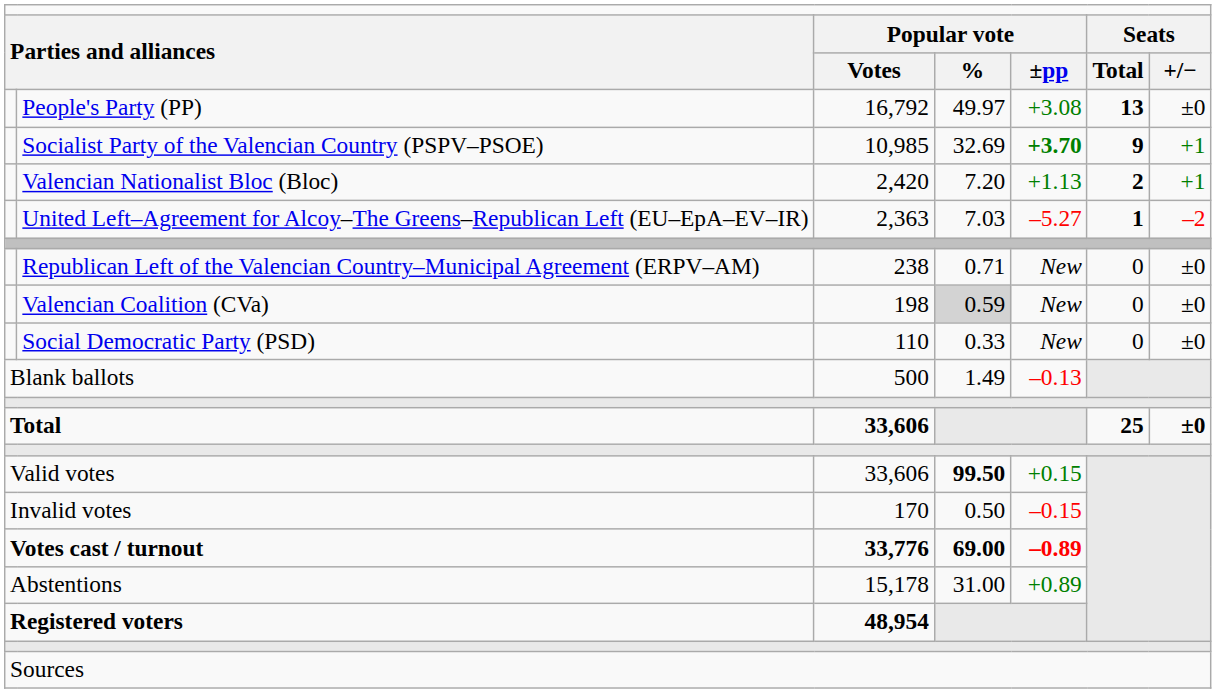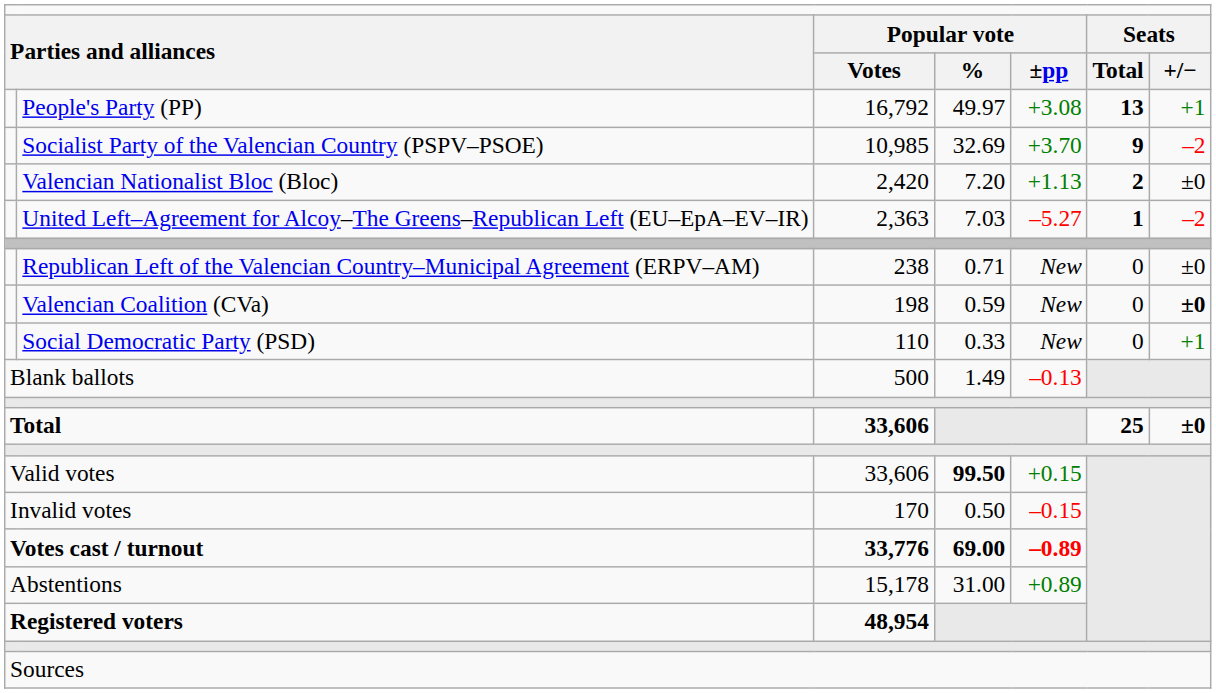 <table class="wikitable" style="text-align:right;">
 <tr>
 <td colspan="7"></td>
 </tr>
 <tr>
 <th style="text-align:left;" rowspan="2" colspan="2" width="525">Parties and alliances</th>
 <th colspan="3">Popular vote</th>
 <th colspan="2">Seats</th>
 </tr>
 <tr>
 <th width="75">Votes</th>
 <th width="45">%</th>
 <th width="45">±<a href='#'>pp</a></th>
 <th width="35">Total</th>
 <th width="35">+/−</th>
 </tr>
 <tr>
 <td width="1" style="color:inherit;background:"></td>
 <td align="left"><a href='#'>People's Party</a> (PP)</td>
 <td>16,792</td>
 <td>49.97</td>
 <td style="color:green;">+3.08</td>
 <td><strong>13</strong></td>
-<td>±0</td>
+<td style="color:green;">+1</td>
 </tr>
 <tr>
 <td style="color:inherit;background:"></td>
 <td align="left"><a href='#'>Socialist Party of the Valencian Country</a> (PSPV–PSOE)</td>
 <td>10,985</td>
 <td>32.69</td>
-<td style="color:green;"><strong>+3.70</strong></td>
+<td style="color:green;">+3.70</td>
 <td><strong>9</strong></td>
-<td style="color:green;">+1</td>
+<td style="color:red;">–2</td>
 </tr>
 <tr>
 <td style="color:inherit;background:"></td>
 <td align="left"><a href='#'>Valencian Nationalist Bloc</a> (Bloc)</td>
 <td>2,420</td>
 <td>7.20</td>
 <td style="color:green;">+1.13</td>
 <td><strong>2</strong></td>
-<td style="color:green;">+1</td>
+<td>±0</td>
 </tr>
 <tr>
 <td style="color:inherit;background:"></td>
 <td align="left"><a href='#'>United Left–Agreement for Alcoy</a>–<a href='#'>The Greens</a>–<a href='#'>Republican Left</a> (EU–EpA–EV–IR)</td>
 <td>2,363</td>
 <td>7.03</td>
 <td style="color:red;">–5.27</td>
 <td><strong>1</strong></td>
 <td style="color:red;">–2</td>
 </tr>
 <tr>
 <td colspan="7" bgcolor="#C0C0C0"></td>
 </tr>
 <tr>
 <td style="color:inherit;background:"></td>
 <td align="left"><a href='#'>Republican Left of the Valencian Country–Municipal Agreement</a> (ERPV–AM)</td>
 <td>238</td>
 <td>0.71</td>
 <td><em>New</em></td>
 <td>0</td>
 <td>±0</td>
 </tr>
 <tr>
 <td style="color:inherit;background:"></td>
 <td align="left"><a href='#'>Valencian Coalition</a> (CVa)</td>
 <td>198</td>
-<td style="background: lightgrey;">0.59</td>
+<td>0.59</td>
 <td><em>New</em></td>
 <td>0</td>
-<td>±0</td>
+<td><strong>±0</strong></td>
 </tr>
 <tr>
 <td style="color:inherit;background:"></td>
 <td align="left"><a href='#'>Social Democratic Party</a> (PSD)</td>
 <td>110</td>
 <td>0.33</td>
 <td><em>New</em></td>
 <td>0</td>
-<td>±0</td>
+<td style="color:green;">+1</td>
 </tr>
 <tr>
 <td align="left" colspan="2">Blank ballots</td>
 <td>500</td>
 <td>1.49</td>
 <td style="color:red;">–0.13</td>
 <td bgcolor="#E9E9E9" colspan="2"></td>
 </tr>
 <tr>
 <td colspan="7" bgcolor="#E9E9E9"></td>
 </tr>
 <tr style="font-weight:bold;">
 <td align="left" colspan="2">Total</td>
 <td>33,606</td>
 <td bgcolor="#E9E9E9" colspan="2"></td>
 <td>25</td>
 <td>±0</td>
 </tr>
 <tr>
 <td colspan="7" bgcolor="#E9E9E9"></td>
 </tr>
 <tr>
 <td align="left" colspan="2">Valid votes</td>
 <td>33,606</td>
 <td><strong>99.50</strong></td>
 <td style="color:green;">+0.15</td>
 <td bgcolor="#E9E9E9" colspan="2" rowspan="5"></td>
 </tr>
 <tr>
 <td align="left" colspan="2">Invalid votes</td>
 <td>170</td>
 <td>0.50</td>
 <td style="color:red;">–0.15</td>
 </tr>
 <tr style="font-weight:bold;">
 <td align="left" colspan="2">Votes cast / turnout</td>
 <td>33,776</td>
 <td>69.00</td>
 <td style="color:red;">–0.89</td>
 </tr>
 <tr>
 <td align="left" colspan="2">Abstentions</td>
 <td>15,178</td>
 <td>31.00</td>
 <td style="color:green;">+0.89</td>
 </tr>
 <tr style="font-weight:bold;">
 <td align="left" colspan="2">Registered voters</td>
 <td>48,954</td>
 <td bgcolor="#E9E9E9" colspan="2"></td>
 </tr>
 <tr>
 <td colspan="7" bgcolor="#E9E9E9"></td>
 </tr>
 <tr>
 <td align="left" colspan="7">Sources</td>
 </tr>
 </table>
